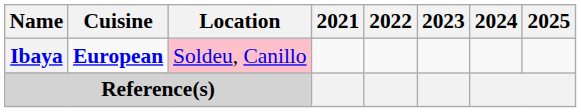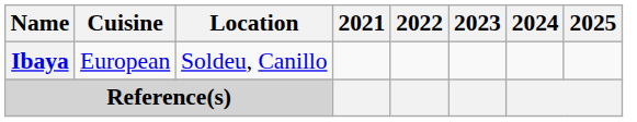 <table class="wikitable sortable plainrowheaders" style="text-align:left;">
 <tr>
 <th scope="col">Name</th>
 <th scope="col">Cuisine</th>
 <th scope="col">Location</th>
 <th>2021</th>
 <th>2022</th>
 <th>2023</th>
 <th>2024</th>
 <th>2025</th>
 </tr>
 <tr>
 <th scope="row"><a href='#'>Ibaya</a></th>
-<td><strong><a href='#'>European</a></strong></td>
-<td style="background: pink;"><a href='#'>Soldeu</a>, <a href='#'>Canillo</a></td>
+<td><a href='#'>European</a></td>
+<td><a href='#'>Soldeu</a>, <a href='#'>Canillo</a></td>
 <td></td>
 <td></td>
 <td></td>
 <td></td>
 <td></td>
 </tr>
 <tr>
 <th colspan="3" style="text-align: center;background: lightgray;">Reference(s)</th>
 <th></th>
 <th></th>
 <th></th>
 <th colspan="2"></th>
 </tr>
 </table>
